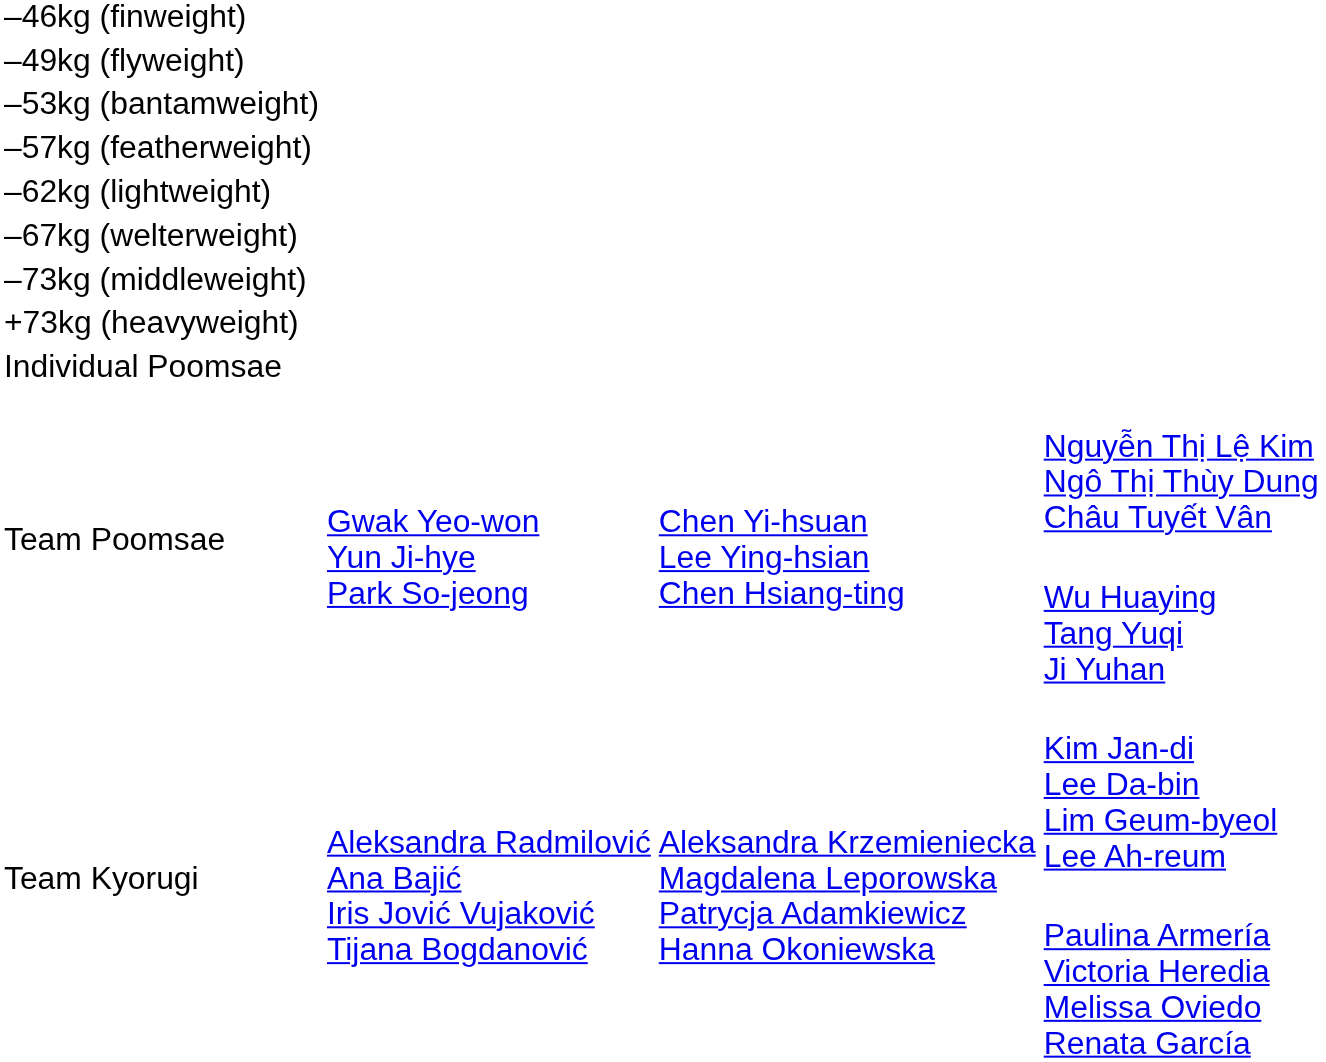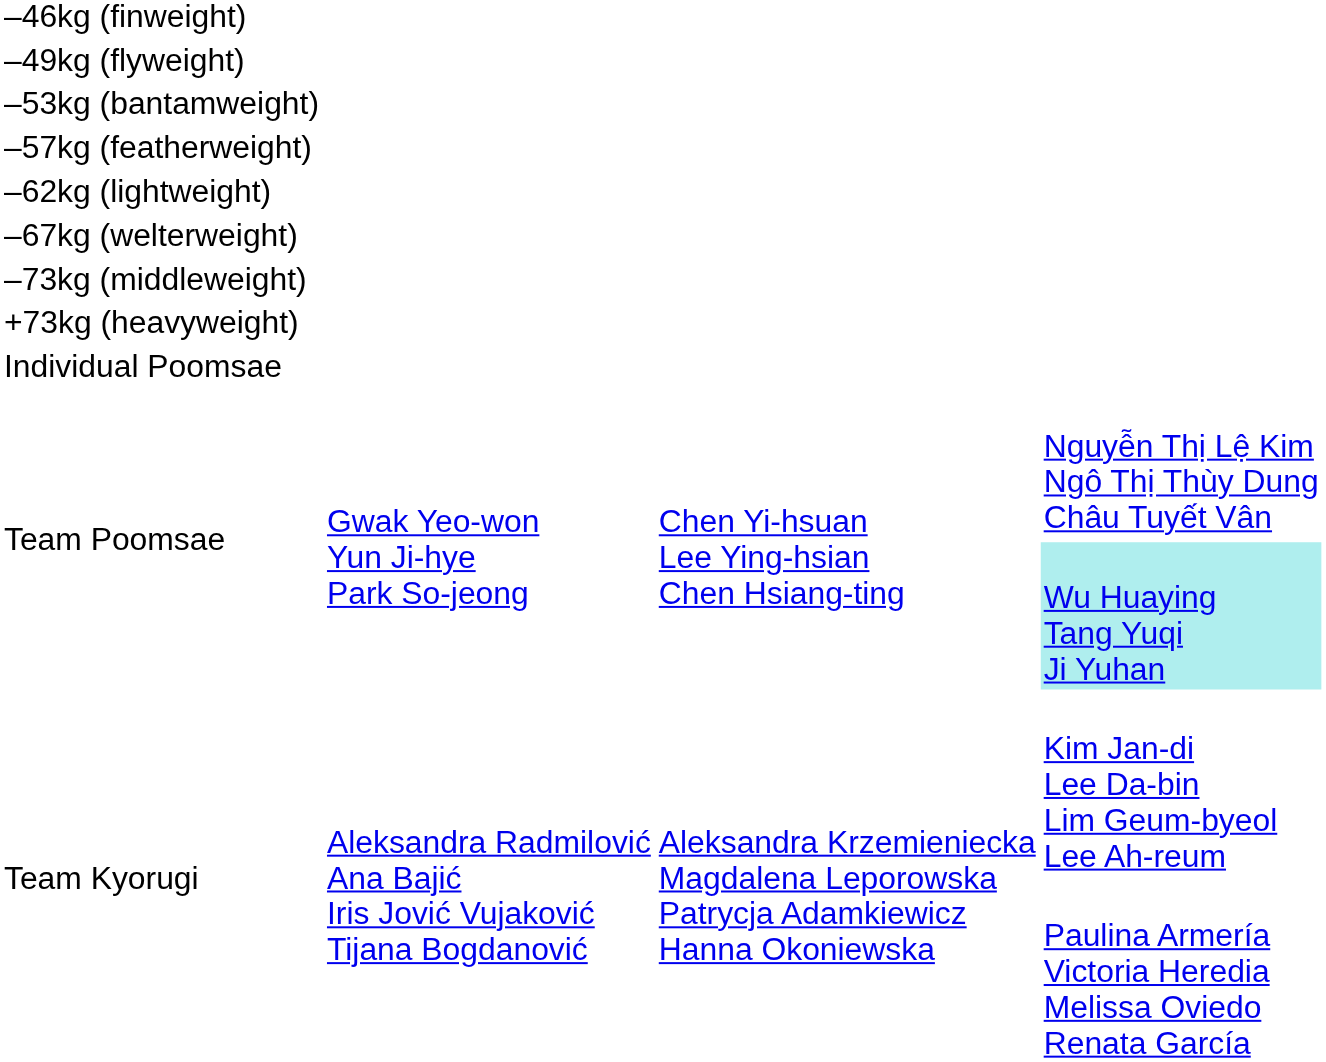 <table>
 <tr>
 <td rowspan=2>–46kg (finweight)<br></td>
 <td rowspan=2></td>
 <td rowspan=2></td>
 <td></td>
 </tr>
 <tr>
 <td></td>
 </tr>
 <tr>
 <td rowspan=2>–49kg (flyweight)<br></td>
 <td rowspan=2></td>
 <td rowspan=2></td>
 <td></td>
 </tr>
 <tr>
 <td></td>
 </tr>
 <tr>
 <td rowspan=2>–53kg (bantamweight)<br></td>
 <td rowspan=2></td>
 <td rowspan=2></td>
 <td></td>
 </tr>
 <tr>
 <td></td>
 </tr>
 <tr>
 <td rowspan=2>–57kg (featherweight)<br></td>
 <td rowspan=2></td>
 <td rowspan=2></td>
 <td></td>
 </tr>
 <tr>
 <td></td>
 </tr>
 <tr>
 <td rowspan=2>–62kg (lightweight)<br></td>
 <td rowspan=2></td>
 <td rowspan=2></td>
 <td></td>
 </tr>
 <tr>
 <td></td>
 </tr>
 <tr>
 <td rowspan=2>–67kg (welterweight)<br></td>
 <td rowspan=2></td>
 <td rowspan=2></td>
 <td></td>
 </tr>
 <tr>
 <td></td>
 </tr>
 <tr>
 <td rowspan=2>–73kg (middleweight)<br></td>
 <td rowspan=2></td>
 <td rowspan=2></td>
 <td></td>
 </tr>
 <tr>
 <td></td>
 </tr>
 <tr>
 <td rowspan=2>+73kg (heavyweight)<br></td>
 <td rowspan=2></td>
 <td rowspan=2></td>
 <td></td>
 </tr>
 <tr>
 <td></td>
 </tr>
 <tr>
 <td rowspan=2>Individual Poomsae<br></td>
 <td rowspan=2></td>
 <td rowspan=2></td>
 <td></td>
 </tr>
 <tr>
 <td></td>
 </tr>
 <tr>
 <td rowspan=2>Team Poomsae<br></td>
 <td rowspan=2><br><a href='#'>Gwak Yeo-won</a><br><a href='#'>Yun Ji-hye</a><br><a href='#'>Park So-jeong</a></td>
 <td rowspan=2><br><a href='#'>Chen Yi-hsuan</a><br><a href='#'>Lee Ying-hsian</a><br><a href='#'>Chen Hsiang-ting</a></td>
 <td><br><a href='#'>Nguyễn Thị Lệ Kim</a><br><a href='#'>Ngô Thị Thùy Dung</a><br><a href='#'>Châu Tuyết Vân</a></td>
 </tr>
 <tr>
-<td><br><a href='#'>Wu Huaying</a><br><a href='#'>Tang Yuqi</a><br><a href='#'>Ji Yuhan</a></td>
+<td style="background: paleturquoise;"><br><a href='#'>Wu Huaying</a><br><a href='#'>Tang Yuqi</a><br><a href='#'>Ji Yuhan</a></td>
 </tr>
 <tr>
 <td rowspan=2>Team Kyorugi<br></td>
 <td rowspan=2><br><a href='#'>Aleksandra Radmilović</a><br><a href='#'>Ana Bajić</a><br><a href='#'>Iris Jović Vujaković</a><br><a href='#'>Tijana Bogdanović</a></td>
 <td rowspan=2><br><a href='#'>Aleksandra Krzemieniecka</a><br><a href='#'>Magdalena Leporowska</a><br><a href='#'>Patrycja Adamkiewicz</a><br><a href='#'>Hanna Okoniewska</a></td>
 <td><br><a href='#'>Kim Jan-di</a><br><a href='#'>Lee Da-bin</a><br><a href='#'>Lim Geum-byeol</a><br><a href='#'>Lee Ah-reum</a></td>
 </tr>
 <tr>
 <td><br><a href='#'>Paulina Armería</a><br><a href='#'>Victoria Heredia</a><br><a href='#'>Melissa Oviedo</a><br><a href='#'>Renata García</a></td>
 </tr>
 </table>
